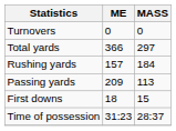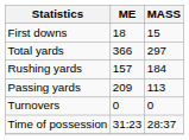 <table class="wikitable">
 <tr>
 <th>Statistics</th>
 <th>ME</th>
 <th>MASS</th>
 </tr>
 <tr>
-<td>Turnovers</td>
-<td>0</td>
-<td>0</td>
+<td>First downs</td>
+<td>18</td>
+<td>15</td>
 </tr>
 <tr>
 <td>Total yards</td>
 <td>366</td>
 <td>297</td>
 </tr>
 <tr>
 <td>Rushing yards</td>
 <td>157</td>
 <td>184</td>
 </tr>
 <tr>
 <td>Passing yards</td>
 <td>209</td>
 <td>113</td>
 </tr>
 <tr>
-<td>First downs</td>
-<td>18</td>
-<td>15</td>
+<td>Turnovers</td>
+<td>0</td>
+<td>0</td>
 </tr>
 <tr>
 <td>Time of possession</td>
 <td>31:23</td>
 <td>28:37</td>
 </tr>
 <tr>
 </tr>
 </table>
